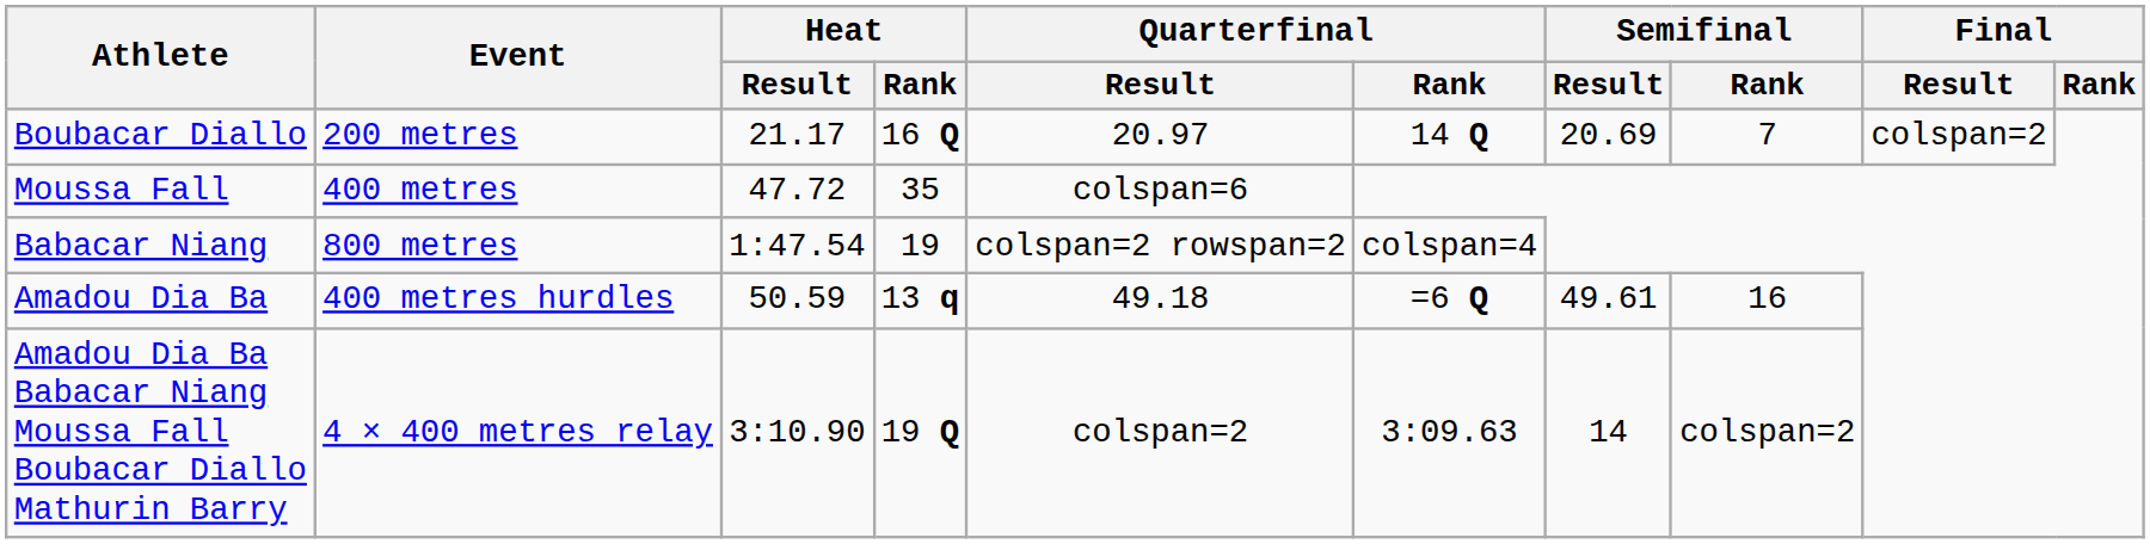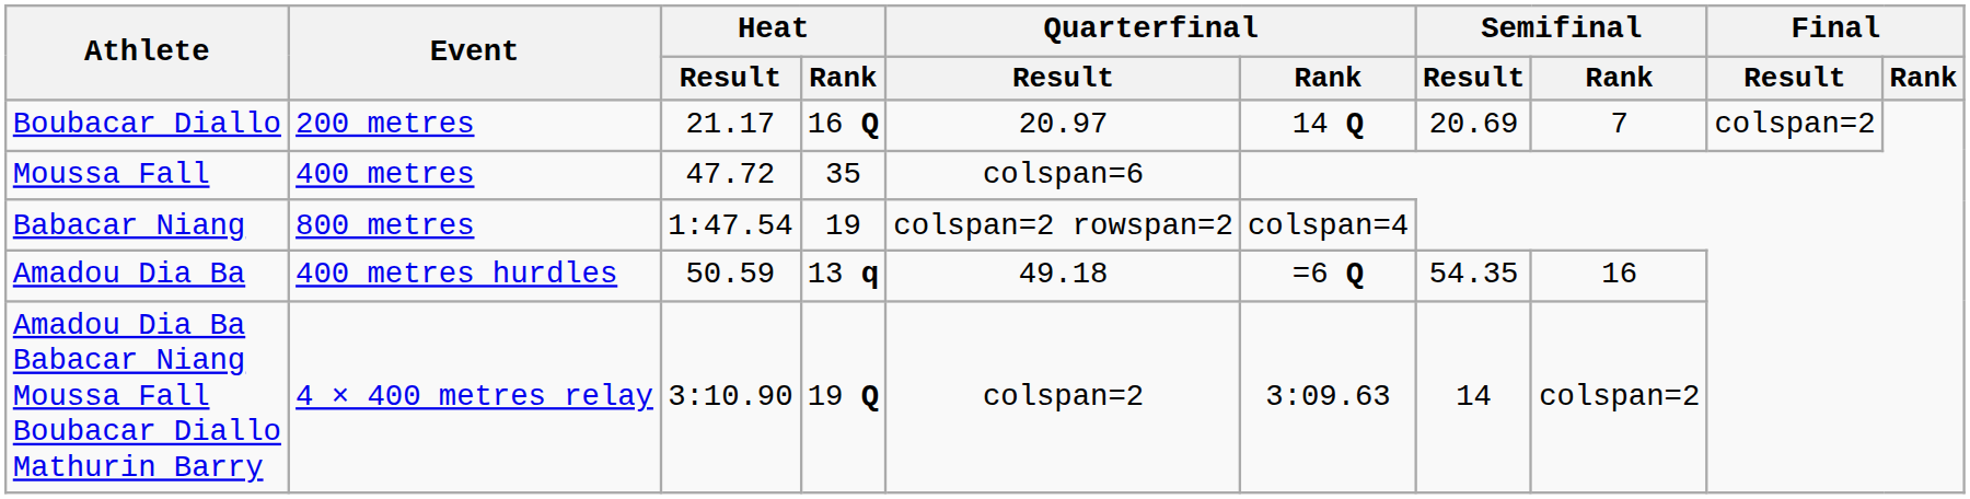 <table class=wikitable style=font-size:90%>
 <tr>
 <th rowspan=2>Athlete</th>
 <th rowspan=2>Event</th>
 <th colspan=2>Heat</th>
 <th colspan=2>Quarterfinal</th>
 <th colspan=2>Semifinal</th>
 <th colspan=2>Final</th>
 </tr>
 <tr style=font-size:95%>
 <th>Result</th>
 <th>Rank</th>
 <th>Result</th>
 <th>Rank</th>
 <th>Result</th>
 <th>Rank</th>
 <th>Result</th>
 <th>Rank</th>
 </tr>
 <tr align=center>
 <td align=left><a href='#'>Boubacar Diallo</a></td>
 <td align=left><a href='#'>200 metres</a></td>
 <td>21.17</td>
 <td>16 <strong>Q</strong></td>
 <td>20.97</td>
 <td>14 <strong>Q</strong></td>
 <td>20.69</td>
 <td>7</td>
 <td>colspan=2 </td>
 </tr>
 <tr align=center>
 <td align=left><a href='#'>Moussa Fall</a></td>
 <td align=left><a href='#'>400 metres</a></td>
 <td>47.72</td>
 <td>35</td>
 <td>colspan=6 </td>
 </tr>
 <tr align=center>
 <td align=left><a href='#'>Babacar Niang</a></td>
 <td align=left><a href='#'>800 metres</a></td>
 <td>1:47.54</td>
 <td>19</td>
 <td>colspan=2 rowspan=2 </td>
 <td>colspan=4 </td>
 </tr>
 <tr align=center>
 <td align=left><a href='#'>Amadou Dia Ba</a></td>
 <td align=left><a href='#'>400 metres hurdles</a></td>
 <td>50.59</td>
 <td>13 <strong>q</strong></td>
 <td>49.18</td>
 <td>=6 <strong>Q</strong></td>
-<td>49.61</td>
+<td>54.35</td>
 <td>16</td>
 </tr>
 <tr align=center>
 <td align=left><a href='#'>Amadou Dia Ba</a><br><a href='#'>Babacar Niang</a><br><a href='#'>Moussa Fall</a><br><a href='#'>Boubacar Diallo</a><br><a href='#'>Mathurin Barry</a></td>
 <td align=left><a href='#'>4 × 400 metres relay</a></td>
 <td>3:10.90</td>
 <td>19 <strong>Q</strong></td>
 <td>colspan=2 </td>
 <td>3:09.63</td>
 <td>14</td>
 <td>colspan=2 </td>
 </tr>
 </table>
